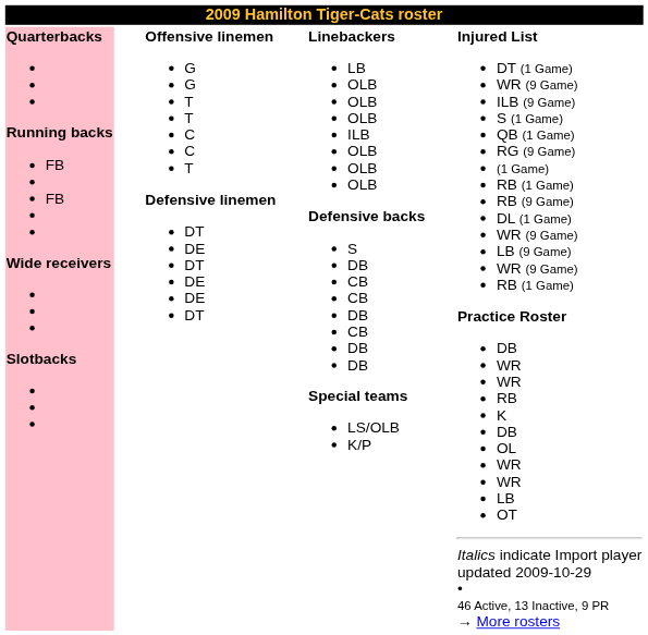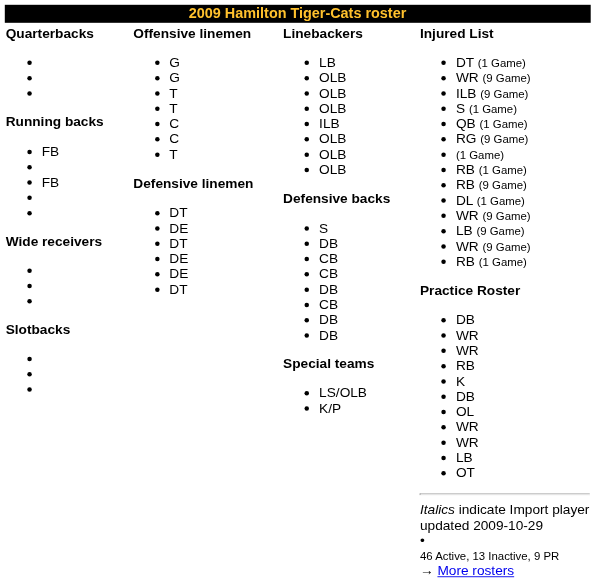 <table class="toccolours" style="text-align: left;">
 <tr>
 <th colspan="7" style="background-color: black; color:#FFC12D; text-align: center">2009 Hamilton Tiger-Cats roster</th>
 </tr>
 <tr>
-<td style="background: pink; font-size: 95%;" valign="top"><strong>Quarterbacks</strong><br><ul><li></li><li></li><li></li></ul><strong>Running backs</strong><ul><li> FB</li><li></li><li> FB</li><li></li><li></li></ul><strong>Wide receivers</strong><ul><li></li><li></li><li></li></ul><strong>Slotbacks</strong><ul><li></li><li></li><li></li></ul></td>
+<td style="font-size: 95%;" valign="top"><strong>Quarterbacks</strong><br><ul><li></li><li></li><li></li></ul><strong>Running backs</strong><ul><li> FB</li><li></li><li> FB</li><li></li><li></li></ul><strong>Wide receivers</strong><ul><li></li><li></li><li></li></ul><strong>Slotbacks</strong><ul><li></li><li></li><li></li></ul></td>
 <td style="width: 25px;"></td>
 <td style="font-size: 95%;" valign="top"><strong>Offensive linemen</strong><br><ul><li> G</li><li> G</li><li> T</li><li> T</li><li> C</li><li> C</li><li> T</li></ul><strong>Defensive linemen</strong><ul><li> DT</li><li> DE</li><li> DT</li><li> DE</li><li> DE</li><li> DT</li></ul></td>
 <td style="width: 25px;"></td>
 <td style="font-size: 95%;" valign="top"><strong>Linebackers</strong><br><ul><li> LB</li><li> OLB</li><li> OLB</li><li> OLB</li><li> ILB</li><li> OLB</li><li> OLB</li><li> OLB</li></ul><strong>Defensive backs</strong><ul><li> S</li><li> DB</li><li> CB</li><li> CB</li><li> DB</li><li> CB</li><li> DB</li><li> DB</li></ul><strong>Special teams</strong><ul><li> LS/OLB</li><li> K/P</li></ul></td>
 <td style="width: 25px;"></td>
 <td style="font-size: 95%;" valign="top"><strong>Injured List</strong><br><ul><li> DT  <small>(1 Game)</small></li><li> WR  <small>(9 Game)</small></li><li> ILB  <small>(9 Game)</small></li><li> S  <small>(1 Game)</small></li><li> QB  <small>(1 Game)</small></li><li> RG  <small>(9 Game)</small></li><li>  <small>(1 Game)</small></li><li> RB  <small>(1 Game)</small></li><li> RB  <small>(9 Game)</small></li><li> DL  <small>(1 Game)</small></li><li> WR  <small>(9 Game)</small></li><li> LB  <small>(9 Game)</small></li><li> WR  <small>(9 Game)</small></li><li> RB  <small>(1 Game)</small></li></ul><strong>Practice Roster</strong><ul><li> DB</li><li> WR</li><li> WR</li><li> RB</li><li> K</li><li> DB</li><li> OL</li><li> WR</li><li> WR</li><li> LB</li><li> OT</li></ul><hr> <em>Italics</em> indicate Import player<br> <span></span> updated 2009-10-29<br> <span></span> • <span></span><br> <small>46 Active, 13 Inactive, 9 PR</small><br>→ <a href='#'>More rosters</a></td>
 </tr>
 <tr>
 </tr>
 </table>
